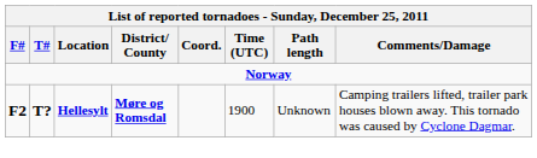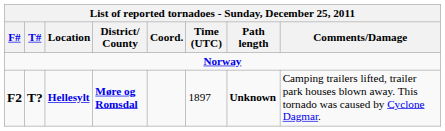 <table class="wikitable collapsible" width="100%">
 <tr>
 <th colspan="8">List of reported tornadoes - Sunday, December 25, 2011</th>
 </tr>
 <tr>
 <th><a href='#'>F#</a></th>
 <th><a href='#'>T#</a></th>
 <th>Location</th>
 <th>District/<br>County</th>
 <th>Coord.</th>
 <th>Time (UTC)</th>
 <th>Path length</th>
 <th>Comments/Damage</th>
 </tr>
 <tr>
 <td colspan="8" align=center><strong><a href='#'>Norway</a></strong></td>
 </tr>
 <tr>
 <td><big><strong>F2</strong></big></td>
 <td><big><strong>T?</strong></big></td>
 <td><strong><a href='#'>Hellesylt</a></strong></td>
 <td><strong><a href='#'>Møre og Romsdal</a></strong></td>
 <td></td>
-<td>1900</td>
-<td>Unknown</td>
+<td>1897</td>
+<td><strong>Unknown</strong></td>
 <td>Camping trailers lifted, trailer park houses blown away. This tornado was caused by <a href='#'>Cyclone Dagmar</a>.</td>
 </tr>
 </table>
